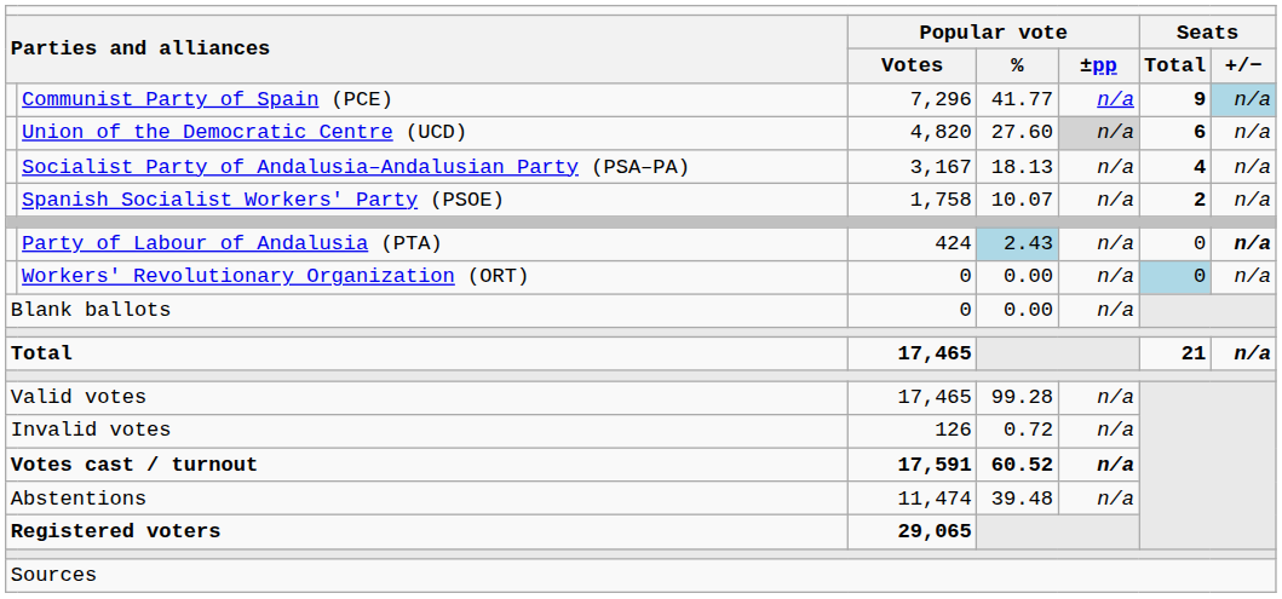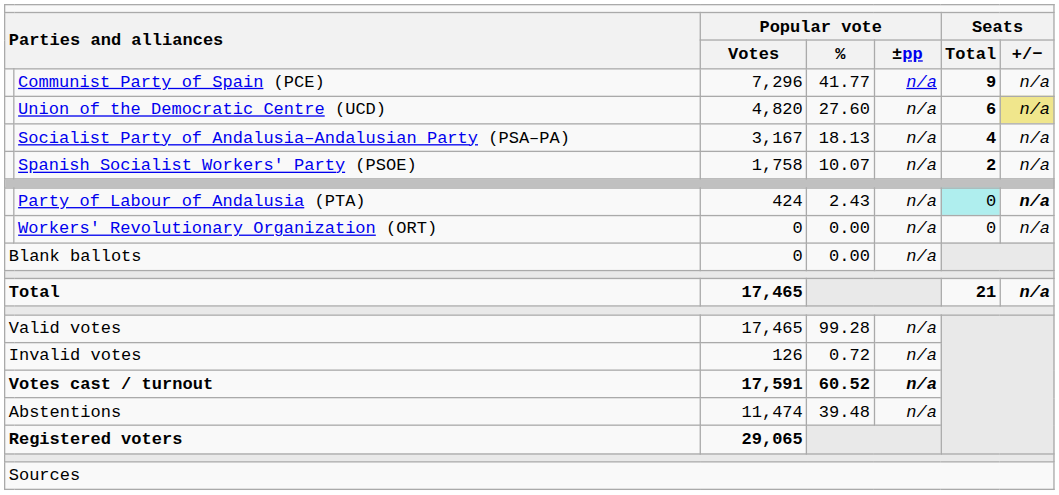 <table class="wikitable" style="text-align:right;">
 <tr>
 <td colspan="7"></td>
 </tr>
 <tr>
 <th style="text-align:left;" rowspan="2" colspan="2" width="525">Parties and alliances</th>
 <th colspan="3">Popular vote</th>
 <th colspan="2">Seats</th>
 </tr>
 <tr>
 <th width="75">Votes</th>
 <th width="45">%</th>
 <th width="45">±<a href='#'>pp</a></th>
 <th width="35">Total</th>
 <th width="35">+/−</th>
 </tr>
 <tr>
 <td width="1" style="color:inherit;background:"></td>
 <td align="left"><a href='#'>Communist Party of Spain</a> (PCE)</td>
 <td>7,296</td>
 <td>41.77</td>
 <td><em><a href='#'>n/a</a></em></td>
 <td><strong>9</strong></td>
-<td style="background: lightblue;"><em>n/a</em></td>
+<td><em>n/a</em></td>
 </tr>
 <tr>
 <td style="color:inherit;background:"></td>
 <td align="left"><a href='#'>Union of the Democratic Centre</a> (UCD)</td>
 <td>4,820</td>
 <td>27.60</td>
-<td style="background: lightgrey;"><em>n/a</em></td>
+<td><em>n/a</em></td>
 <td><strong>6</strong></td>
-<td><em>n/a</em></td>
+<td style="background: khaki;"><em>n/a</em></td>
 </tr>
 <tr>
 <td style="color:inherit;background:"></td>
 <td align="left"><a href='#'>Socialist Party of Andalusia–Andalusian Party</a> (PSA–PA)</td>
 <td>3,167</td>
 <td>18.13</td>
 <td><em>n/a</em></td>
 <td><strong>4</strong></td>
 <td><em>n/a</em></td>
 </tr>
 <tr>
 <td style="color:inherit;background:"></td>
 <td align="left"><a href='#'>Spanish Socialist Workers' Party</a> (PSOE)</td>
 <td>1,758</td>
 <td>10.07</td>
 <td><em>n/a</em></td>
 <td><strong>2</strong></td>
 <td><em>n/a</em></td>
 </tr>
 <tr>
 <td colspan="7" bgcolor="#C0C0C0"></td>
 </tr>
 <tr>
 <td style="color:inherit;background:"></td>
 <td align="left"><a href='#'>Party of Labour of Andalusia</a> (PTA)</td>
 <td>424</td>
-<td style="background: lightblue;">2.43</td>
+<td>2.43</td>
 <td><em>n/a</em></td>
-<td>0</td>
+<td style="background: paleturquoise;">0</td>
 <td><strong><em>n/a</em></strong></td>
 </tr>
 <tr>
 <td style="color:inherit;background:"></td>
 <td align="left"><a href='#'>Workers' Revolutionary Organization</a> (ORT)</td>
 <td>0</td>
 <td>0.00</td>
 <td><em>n/a</em></td>
-<td style="background: lightblue;">0</td>
+<td>0</td>
 <td><em>n/a</em></td>
 </tr>
 <tr>
 <td align="left" colspan="2">Blank ballots</td>
 <td>0</td>
 <td>0.00</td>
 <td><em>n/a</em></td>
 <td bgcolor="#E9E9E9" colspan="2"></td>
 </tr>
 <tr>
 <td colspan="7" bgcolor="#E9E9E9"></td>
 </tr>
 <tr style="font-weight:bold;">
 <td align="left" colspan="2">Total</td>
 <td>17,465</td>
 <td bgcolor="#E9E9E9" colspan="2"></td>
 <td>21</td>
 <td><em>n/a</em></td>
 </tr>
 <tr>
 <td colspan="7" bgcolor="#E9E9E9"></td>
 </tr>
 <tr>
 <td align="left" colspan="2">Valid votes</td>
 <td>17,465</td>
 <td>99.28</td>
 <td><em>n/a</em></td>
 <td bgcolor="#E9E9E9" colspan="2" rowspan="5"></td>
 </tr>
 <tr>
 <td align="left" colspan="2">Invalid votes</td>
 <td>126</td>
 <td>0.72</td>
 <td><em>n/a</em></td>
 </tr>
 <tr style="font-weight:bold;">
 <td align="left" colspan="2">Votes cast / turnout</td>
 <td>17,591</td>
 <td>60.52</td>
 <td><em>n/a</em></td>
 </tr>
 <tr>
 <td align="left" colspan="2">Abstentions</td>
 <td>11,474</td>
 <td>39.48</td>
 <td><em>n/a</em></td>
 </tr>
 <tr style="font-weight:bold;">
 <td align="left" colspan="2">Registered voters</td>
 <td>29,065</td>
 <td bgcolor="#E9E9E9" colspan="2"></td>
 </tr>
 <tr>
 <td colspan="7" bgcolor="#E9E9E9"></td>
 </tr>
 <tr>
 <td align="left" colspan="7">Sources</td>
 </tr>
 </table>
